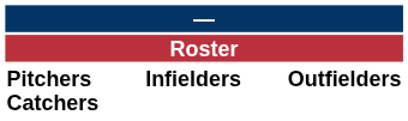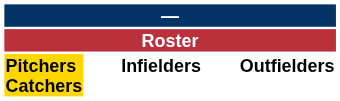 <table class="toccolours" style="font-size: 95%;">
 <tr>
 <th colspan="10" style="background-color: #023465; color: white; text-align: center;"><a href='#'></a> — <a href='#'></a></th>
 </tr>
 <tr>
 <td colspan="10" style="background-color: #ba313c; color: white; text-align: center;"><strong>Roster</strong></td>
 </tr>
 <tr>
-<td valign="top"><strong>Pitchers</strong><br>      <strong>Catchers</strong>   </td>
+<td valign="top" style="background: gold;"><strong>Pitchers</strong><br>      <strong>Catchers</strong>   </td>
 <td width="25px"></td>
 <td valign="top"><strong>Infielders</strong><br>     </td>
 <td width="25px"></td>
 <td valign="top"><strong>Outfielders</strong><br>   </td>
 </tr>
 </table>
